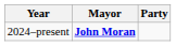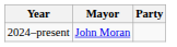 <table class="wikitable">
 <tr>
 <th>Year</th>
 <th>Mayor</th>
 <th colspan=2>Party</th>
 </tr>
 <tr>
 <td>2024–present</td>
-<td><strong><a href='#'>John Moran</a></strong></td>
+<td><a href='#'>John Moran</a></td>
 <td></td>
 </tr>
 </table>
